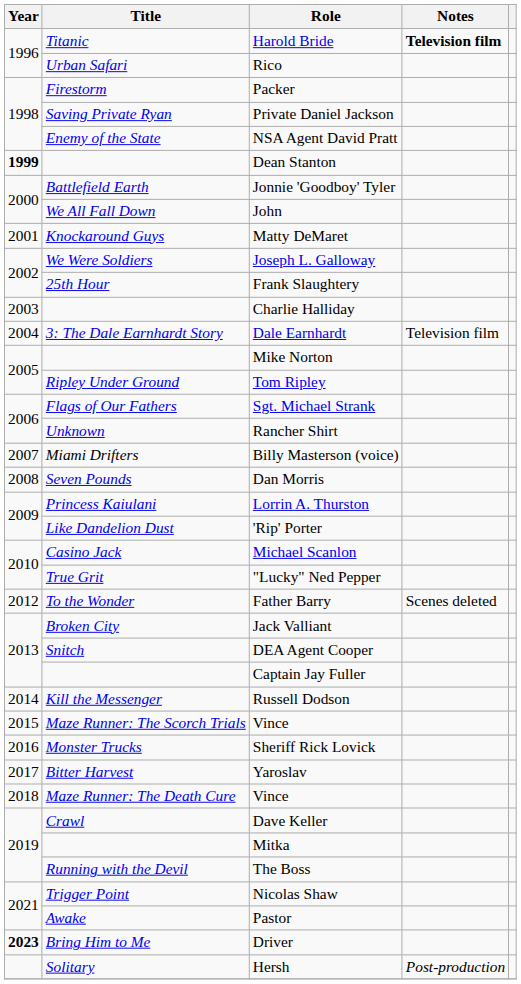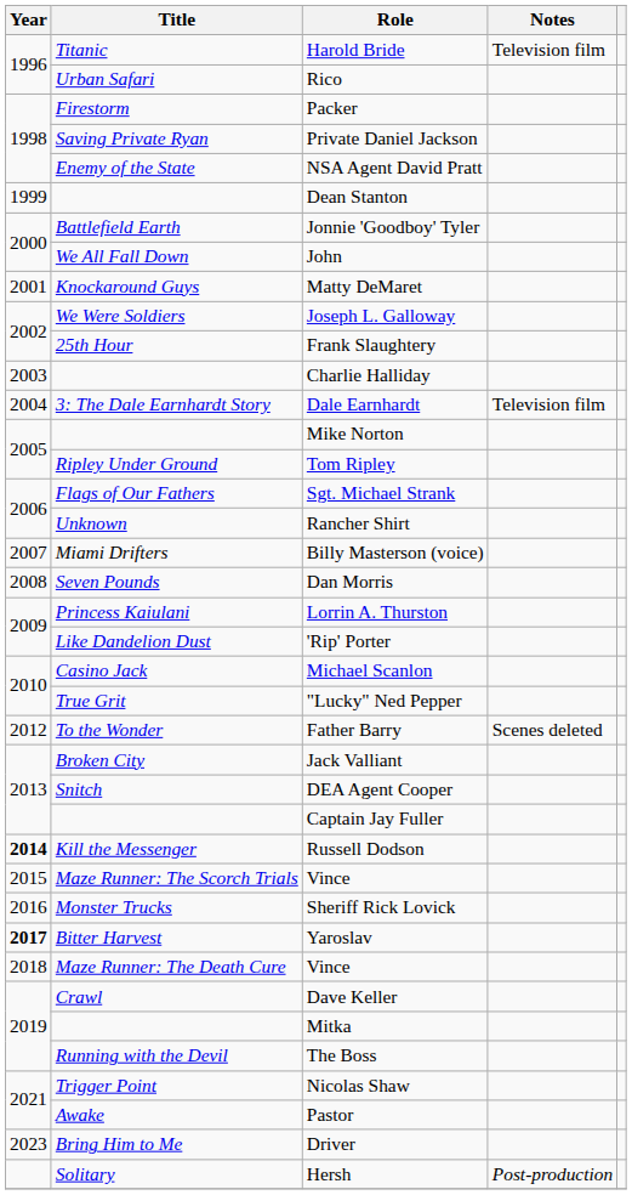 <table class="wikitable sortable plainrowheaders">
 <tr>
 <th scope="col">Year</th>
 <th scope="col">Title</th>
 <th scope="col">Role</th>
 <th scope="col" class="unsortable">Notes</th>
 <th scope="col" class="unsortable"></th>
 </tr>
 <tr>
 <td rowspan="2">1996</td>
 <td><em><a href='#'>Titanic</a></em></td>
 <td><a href='#'>Harold Bride</a></td>
-<td><strong>Television film</strong></td>
+<td>Television film</td>
 <td></td>
 </tr>
 <tr>
 <td><em><a href='#'>Urban Safari</a></em></td>
 <td>Rico</td>
 <td></td>
 <td></td>
 </tr>
 <tr>
 <td rowspan="3">1998</td>
 <td><em><a href='#'>Firestorm</a></em></td>
 <td>Packer</td>
 <td></td>
 <td></td>
 </tr>
 <tr>
 <td><em><a href='#'>Saving Private Ryan</a></em></td>
 <td>Private Daniel Jackson</td>
 <td></td>
 <td></td>
 </tr>
 <tr>
 <td><em><a href='#'>Enemy of the State</a></em></td>
 <td>NSA Agent David Pratt</td>
 <td></td>
 <td></td>
 </tr>
 <tr>
-<td><strong>1999</strong></td>
+<td>1999</td>
 <td></td>
 <td>Dean Stanton</td>
 <td></td>
 <td></td>
 </tr>
 <tr>
 <td rowspan="2">2000</td>
 <td><em><a href='#'>Battlefield Earth</a></em></td>
 <td>Jonnie 'Goodboy' Tyler</td>
 <td></td>
 <td></td>
 </tr>
 <tr>
 <td><em><a href='#'>We All Fall Down</a></em></td>
 <td>John</td>
 <td></td>
 <td></td>
 </tr>
 <tr>
 <td>2001</td>
 <td><em><a href='#'>Knockaround Guys</a></em></td>
 <td>Matty DeMaret</td>
 <td></td>
 <td></td>
 </tr>
 <tr>
 <td rowspan="2">2002</td>
 <td><em><a href='#'>We Were Soldiers</a></em></td>
 <td><a href='#'>Joseph L. Galloway</a></td>
 <td></td>
 <td></td>
 </tr>
 <tr>
 <td><em><a href='#'>25th Hour</a></em></td>
 <td>Frank Slaughtery</td>
 <td></td>
 <td></td>
 </tr>
 <tr>
 <td>2003</td>
 <td><em></em></td>
 <td>Charlie Halliday</td>
 <td></td>
 <td></td>
 </tr>
 <tr>
 <td>2004</td>
 <td><em><a href='#'>3: The Dale Earnhardt Story</a></em></td>
 <td><a href='#'>Dale Earnhardt</a></td>
 <td>Television film</td>
 <td></td>
 </tr>
 <tr>
 <td rowspan="2">2005</td>
 <td></td>
 <td>Mike Norton</td>
 <td></td>
 <td></td>
 </tr>
 <tr>
 <td><em><a href='#'>Ripley Under Ground</a></em></td>
 <td><a href='#'>Tom Ripley</a></td>
 <td></td>
 <td></td>
 </tr>
 <tr>
 <td rowspan="2">2006</td>
 <td><em><a href='#'>Flags of Our Fathers</a></em></td>
 <td><a href='#'>Sgt. Michael Strank</a></td>
 <td></td>
 <td></td>
 </tr>
 <tr>
 <td><em><a href='#'>Unknown</a></em></td>
 <td>Rancher Shirt</td>
 <td></td>
 <td></td>
 </tr>
 <tr>
 <td>2007</td>
 <td><em>Miami Drifters</em></td>
 <td>Billy Masterson (voice)</td>
 <td></td>
 <td></td>
 </tr>
 <tr>
 <td>2008</td>
 <td><em><a href='#'>Seven Pounds</a></em></td>
 <td>Dan Morris</td>
 <td></td>
 <td></td>
 </tr>
 <tr>
 <td rowspan="2">2009</td>
 <td><em><a href='#'>Princess Kaiulani</a></em></td>
 <td><a href='#'>Lorrin A. Thurston</a></td>
 <td></td>
 <td></td>
 </tr>
 <tr>
 <td><em><a href='#'>Like Dandelion Dust</a></em></td>
 <td>'Rip' Porter</td>
 <td></td>
 <td></td>
 </tr>
 <tr>
 <td rowspan="2">2010</td>
 <td><em><a href='#'>Casino Jack</a></em></td>
 <td><a href='#'>Michael Scanlon</a></td>
 <td></td>
 <td></td>
 </tr>
 <tr>
 <td><em><a href='#'>True Grit</a></em></td>
 <td>"Lucky" Ned Pepper</td>
 <td></td>
 <td></td>
 </tr>
 <tr>
 <td>2012</td>
 <td><em><a href='#'>To the Wonder</a></em></td>
 <td>Father Barry</td>
 <td>Scenes deleted</td>
 <td style="text-align:center;"></td>
 </tr>
 <tr>
 <td rowspan="3">2013</td>
 <td><em><a href='#'>Broken City</a></em></td>
 <td>Jack Valliant</td>
 <td></td>
 <td></td>
 </tr>
 <tr>
 <td><em><a href='#'>Snitch</a></em></td>
 <td>DEA Agent Cooper</td>
 <td></td>
 <td></td>
 </tr>
 <tr>
 <td></td>
 <td>Captain Jay Fuller</td>
 <td></td>
 <td></td>
 </tr>
 <tr>
-<td>2014</td>
+<td><strong>2014</strong></td>
 <td><em><a href='#'>Kill the Messenger</a></em></td>
 <td>Russell Dodson</td>
 <td></td>
 <td></td>
 </tr>
 <tr>
 <td>2015</td>
 <td><em><a href='#'>Maze Runner: The Scorch Trials</a></em></td>
 <td>Vince</td>
 <td></td>
 <td></td>
 </tr>
 <tr>
 <td>2016</td>
 <td><em><a href='#'>Monster Trucks</a></em></td>
 <td>Sheriff Rick Lovick</td>
 <td></td>
 <td></td>
 </tr>
 <tr>
-<td>2017</td>
+<td><strong>2017</strong></td>
 <td><em><a href='#'>Bitter Harvest</a></em></td>
 <td>Yaroslav</td>
 <td></td>
 <td></td>
 </tr>
 <tr>
 <td>2018</td>
 <td><em><a href='#'>Maze Runner: The Death Cure</a></em></td>
 <td>Vince</td>
 <td></td>
 <td></td>
 </tr>
 <tr>
 <td rowspan="3">2019</td>
 <td><em><a href='#'>Crawl</a></em></td>
 <td>Dave Keller</td>
 <td></td>
 <td></td>
 </tr>
 <tr>
 <td></td>
 <td>Mitka</td>
 <td></td>
 <td></td>
 </tr>
 <tr>
 <td><em><a href='#'>Running with the Devil</a></em></td>
 <td>The Boss</td>
 <td></td>
 <td></td>
 </tr>
 <tr>
 <td rowspan="2">2021</td>
 <td><em><a href='#'>Trigger Point</a></em></td>
 <td>Nicolas Shaw</td>
 <td></td>
 <td></td>
 </tr>
 <tr>
 <td><em><a href='#'>Awake</a></em></td>
 <td>Pastor</td>
 <td></td>
 <td></td>
 </tr>
 <tr>
-<td><strong>2023</strong></td>
+<td>2023</td>
 <td><em><a href='#'>Bring Him to Me</a></em></td>
 <td>Driver</td>
 <td></td>
 <td></td>
 </tr>
 <tr>
 <td></td>
 <td><em><a href='#'>Solitary</a></em></td>
 <td>Hersh</td>
 <td><em>Post-production</em></td>
 <td></td>
 </tr>
 <tr>
 </tr>
 </table>
